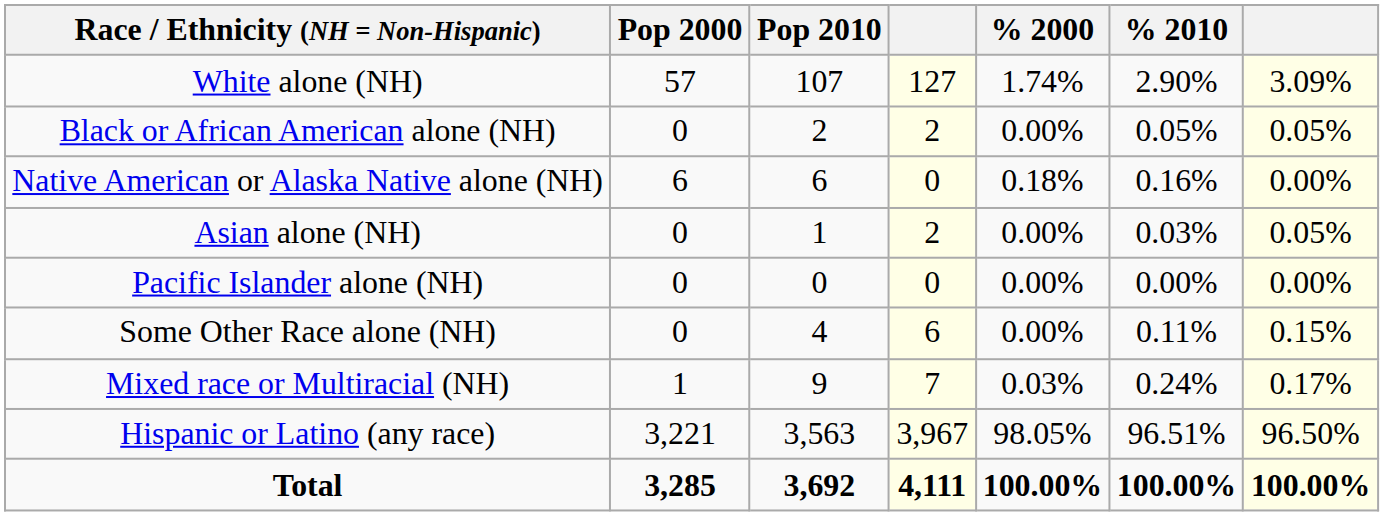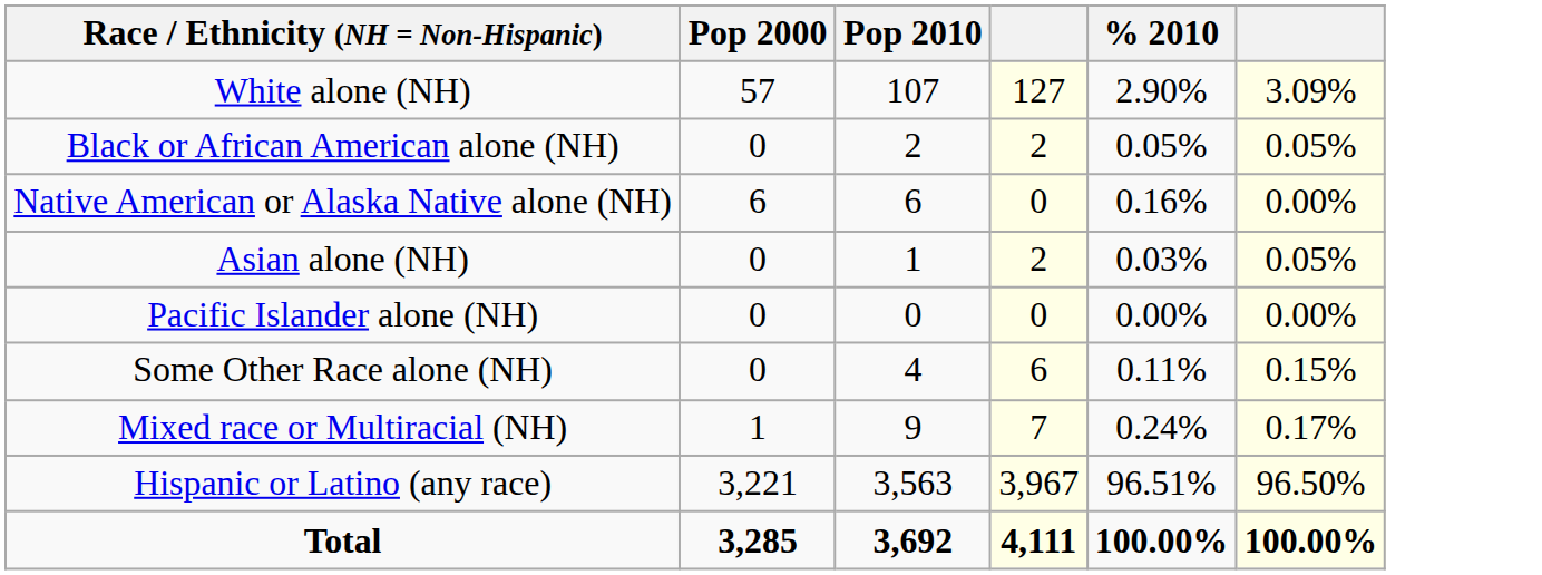 <table class="wikitable" style="text-align:center;">
 <tr>
 <th>Race / Ethnicity <small>(<em>NH = Non-Hispanic</em>)</small></th>
 <th>Pop 2000</th>
 <th>Pop 2010</th>
 <th></th>
-<th>% 2000</th>
 <th>% 2010</th>
 <th></th>
 </tr>
 <tr>
 <td><a href='#'>White</a> alone (NH)</td>
 <td>57</td>
 <td>107</td>
 <td style='background: #ffffe6;'>127</td>
-<td>1.74%</td>
 <td>2.90%</td>
 <td style='background: #ffffe6;'>3.09%</td>
 </tr>
 <tr>
 <td><a href='#'>Black or African American</a> alone (NH)</td>
 <td>0</td>
 <td>2</td>
 <td style='background: #ffffe6;'>2</td>
-<td>0.00%</td>
 <td>0.05%</td>
 <td style='background: #ffffe6;'>0.05%</td>
 </tr>
 <tr>
 <td><a href='#'>Native American</a> or <a href='#'>Alaska Native</a> alone (NH)</td>
 <td>6</td>
 <td>6</td>
 <td style='background: #ffffe6;'>0</td>
-<td>0.18%</td>
 <td>0.16%</td>
 <td style='background: #ffffe6;'>0.00%</td>
 </tr>
 <tr>
 <td><a href='#'>Asian</a> alone (NH)</td>
 <td>0</td>
 <td>1</td>
 <td style='background: #ffffe6;'>2</td>
-<td>0.00%</td>
 <td>0.03%</td>
 <td style='background: #ffffe6;'>0.05%</td>
 </tr>
 <tr>
 <td><a href='#'>Pacific Islander</a> alone (NH)</td>
 <td>0</td>
 <td>0</td>
 <td style='background: #ffffe6;'>0</td>
 <td>0.00%</td>
-<td>0.00%</td>
 <td style='background: #ffffe6;'>0.00%</td>
 </tr>
 <tr>
 <td>Some Other Race alone (NH)</td>
 <td>0</td>
 <td>4</td>
 <td style='background: #ffffe6;'>6</td>
-<td>0.00%</td>
 <td>0.11%</td>
 <td style='background: #ffffe6;'>0.15%</td>
 </tr>
 <tr>
 <td><a href='#'>Mixed race or Multiracial</a> (NH)</td>
 <td>1</td>
 <td>9</td>
 <td style='background: #ffffe6;'>7</td>
-<td>0.03%</td>
 <td>0.24%</td>
 <td style='background: #ffffe6;'>0.17%</td>
 </tr>
 <tr>
 <td><a href='#'>Hispanic or Latino</a> (any race)</td>
 <td>3,221</td>
 <td>3,563</td>
 <td style='background: #ffffe6;'>3,967</td>
-<td>98.05%</td>
 <td>96.51%</td>
 <td style='background: #ffffe6;'>96.50%</td>
 </tr>
 <tr>
 <td><strong>Total</strong></td>
 <td><strong>3,285</strong></td>
 <td><strong>3,692</strong></td>
 <td style='background: #ffffe6;'><strong>4,111</strong></td>
 <td><strong>100.00%</strong></td>
-<td><strong>100.00%</strong></td>
 <td style='background: #ffffe6;'><strong>100.00%</strong></td>
 </tr>
 </table>
